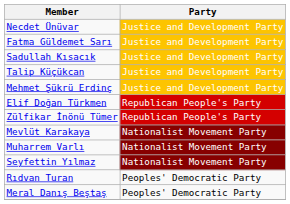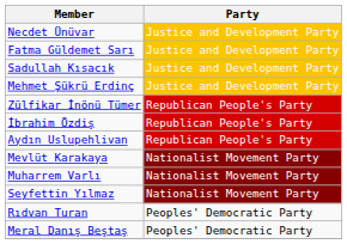 <table class="wikitable">
 <tr>
 <th>Member</th>
 <th>Party</th>
 </tr>
 <tr>
 <td><a href='#'>Necdet Ünüvar</a></td>
 <td style="background:#FDC400; color:white">Justice and Development Party</td>
 </tr>
 <tr>
 <td><a href='#'>Fatma Güldemet Sarı</a></td>
 <td style="background:#FDC400; color:white">Justice and Development Party</td>
 </tr>
 <tr>
 <td><a href='#'>Sadullah Kısacık</a></td>
 <td style="background:#FDC400; color:white">Justice and Development Party</td>
 </tr>
 <tr>
-<td><a href='#'>Talip Küçükcan</a></td>
-<td style="background:#FDC400; color:white">Justice and Development Party</td>
-</tr>
-<tr>
 <td><a href='#'>Mehmet Şükrü Erdinç</a></td>
 <td style="background:#FDC400; color:white">Justice and Development Party</td>
 </tr>
 <tr>
-<td><a href='#'>Elif Doğan Türkmen</a></td>
+<td><a href='#'>Zülfikar İnönü Tümer</a></td>
 <td style="background:#D40000; color:white">Republican People's Party</td>
 </tr>
 <tr>
-<td><a href='#'>Zülfikar İnönü Tümer</a></td>
+<td><a href='#'>İbrahim Özdiş</a></td>
+<td style="background:#D40000; color:white">Republican People's Party</td>
+</tr>
+<tr>
+<td><a href='#'>Aydın Uslupehlivan</a></td>
 <td style="background:#D40000; color:white">Republican People's Party</td>
 </tr>
 <tr>
 <td><a href='#'>Mevlüt Karakaya</a></td>
 <td style="background:#870000; color:white">Nationalist Movement Party</td>
 </tr>
 <tr>
 <td><a href='#'>Muharrem Varlı</a></td>
 <td style="background:#870000; color:white">Nationalist Movement Party</td>
 </tr>
 <tr>
 <td><a href='#'>Seyfettin Yılmaz</a></td>
 <td style="background:#870000; color:white">Nationalist Movement Party</td>
 </tr>
 <tr>
 <td><a href='#'>Rıdvan Turan</a></td>
 <td style="background:">Peoples' Democratic Party</td>
 </tr>
 <tr>
 <td><a href='#'>Meral Danış Beştaş</a></td>
 <td style="background:">Peoples' Democratic Party</td>
 </tr>
 <tr>
 </tr>
 </table>
